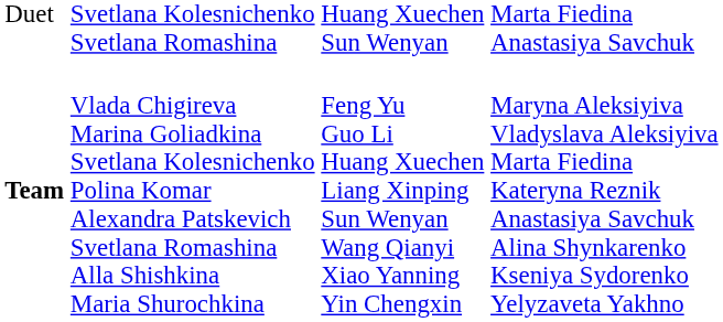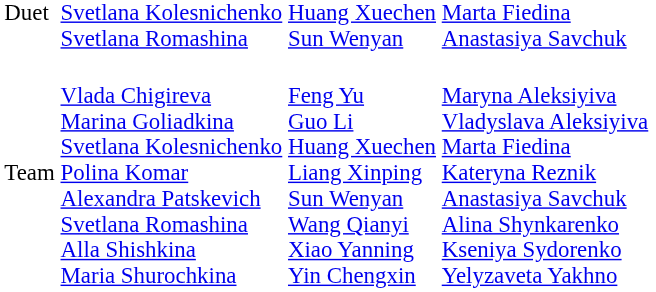 <table>
 <tr>
 <td>Duet<br></td>
 <td><br><a href='#'>Svetlana Kolesnichenko</a><br> <a href='#'>Svetlana Romashina</a></td>
 <td><br><a href='#'>Huang Xuechen</a><br> <a href='#'>Sun Wenyan</a></td>
 <td><br><a href='#'>Marta Fiedina</a><br> <a href='#'>Anastasiya Savchuk</a></td>
 </tr>
 <tr>
-<td><strong>Team<br></strong></td>
+<td>Team<br></td>
 <td nowrap><br><a href='#'>Vlada Chigireva</a><br> <a href='#'>Marina Goliadkina</a><br> <a href='#'>Svetlana Kolesnichenko</a><br> <a href='#'>Polina Komar</a><br> <a href='#'>Alexandra Patskevich</a><br> <a href='#'>Svetlana Romashina</a><br> <a href='#'>Alla Shishkina</a><br> <a href='#'>Maria Shurochkina</a></td>
 <td nowrap><br><a href='#'>Feng Yu</a><br> <a href='#'>Guo Li</a><br> <a href='#'>Huang Xuechen</a><br> <a href='#'>Liang Xinping</a><br> <a href='#'>Sun Wenyan</a><br> <a href='#'>Wang Qianyi</a><br> <a href='#'>Xiao Yanning</a><br> <a href='#'>Yin Chengxin</a></td>
 <td nowrap><br><a href='#'>Maryna Aleksiyiva</a><br> <a href='#'>Vladyslava Aleksiyiva</a><br> <a href='#'>Marta Fiedina</a><br> <a href='#'>Kateryna Reznik</a><br> <a href='#'>Anastasiya Savchuk</a><br> <a href='#'>Alina Shynkarenko</a><br> <a href='#'>Kseniya Sydorenko</a><br> <a href='#'>Yelyzaveta Yakhno</a></td>
 </tr>
 </table>
